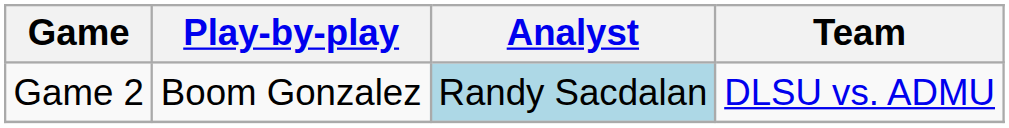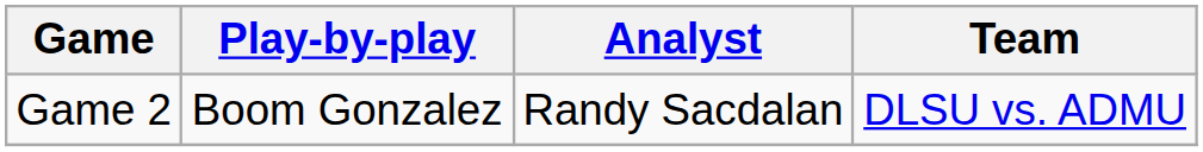 <table class=wikitable>
 <tr>
 <th>Game</th>
 <th><a href='#'>Play-by-play</a></th>
 <th><a href='#'>Analyst</a></th>
 <th>Team</th>
 </tr>
 <tr>
 <td>Game 2</td>
 <td>Boom Gonzalez</td>
-<td style="background: lightblue;">Randy Sacdalan</td>
+<td>Randy Sacdalan</td>
 <td><a href='#'>DLSU vs. ADMU</a></td>
 </tr>
 <tr>
 </tr>
 </table>
